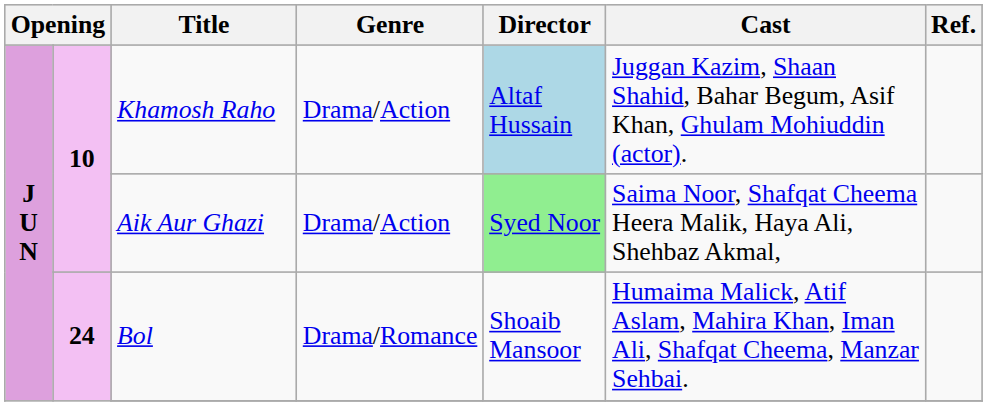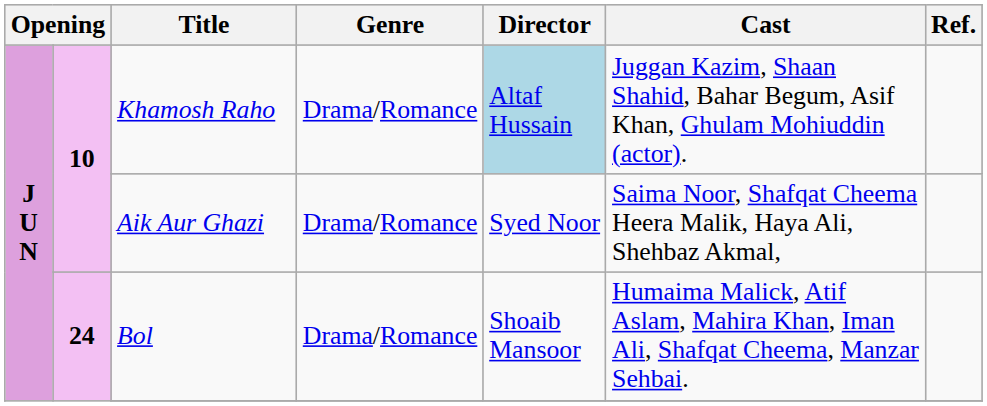 <table class="wikitable">
 <tr style="background:#b0e0e66; text-align:center;">
 <th colspan="2"><strong>Opening</strong></th>
 <th style="width:19%;"><strong>Title</strong></th>
 <th><strong>Genre</strong></th>
 <th><strong>Director</strong></th>
 <th><strong>Cast</strong></th>
 <th><strong>Ref.</strong></th>
 </tr>
 <tr>
 <td rowspan="4" style="text-align:center; background:plum;"><strong>J<br>U<br>N</strong></td>
 <td rowspan="2" style="text-align:center; textcolor:#000; background:#f3c0f3;"><strong>10</strong></td>
 <td><em><a href='#'>Khamosh Raho</a></em></td>
-<td><a href='#'>Drama</a>/<a href='#'>Action</a></td>
+<td><a href='#'>Drama</a>/<a href='#'>Romance</a></td>
 <td style="background: lightblue;"><a href='#'>Altaf Hussain</a></td>
 <td><a href='#'>Juggan Kazim</a>, <a href='#'>Shaan Shahid</a>, Bahar Begum, Asif Khan, <a href='#'>Ghulam Mohiuddin (actor)</a>.</td>
 <td></td>
 </tr>
 <tr>
 <td><em><a href='#'>Aik Aur Ghazi</a></em></td>
-<td><a href='#'>Drama</a>/<a href='#'>Action</a></td>
-<td style="background: lightgreen;"><a href='#'>Syed Noor</a></td>
+<td><a href='#'>Drama</a>/<a href='#'>Romance</a></td>
+<td><a href='#'>Syed Noor</a></td>
 <td><a href='#'>Saima Noor</a>, <a href='#'>Shafqat Cheema</a> Heera Malik, Haya Ali, Shehbaz Akmal,</td>
 <td></td>
 </tr>
 <tr>
 <td rowspan="2" style="text-align:center; textcolor:#000; background:#f3c0f3;"><strong>24</strong></td>
 <td><em><a href='#'>Bol</a></em></td>
 <td><a href='#'>Drama</a>/<a href='#'>Romance</a></td>
 <td><a href='#'>Shoaib Mansoor</a></td>
 <td><a href='#'>Humaima Malick</a>, <a href='#'>Atif Aslam</a>, <a href='#'>Mahira Khan</a>, <a href='#'>Iman Ali</a>, <a href='#'>Shafqat Cheema</a>, <a href='#'>Manzar Sehbai</a>.</td>
 <td></td>
 </tr>
 <tr>
 </tr>
 </table>
